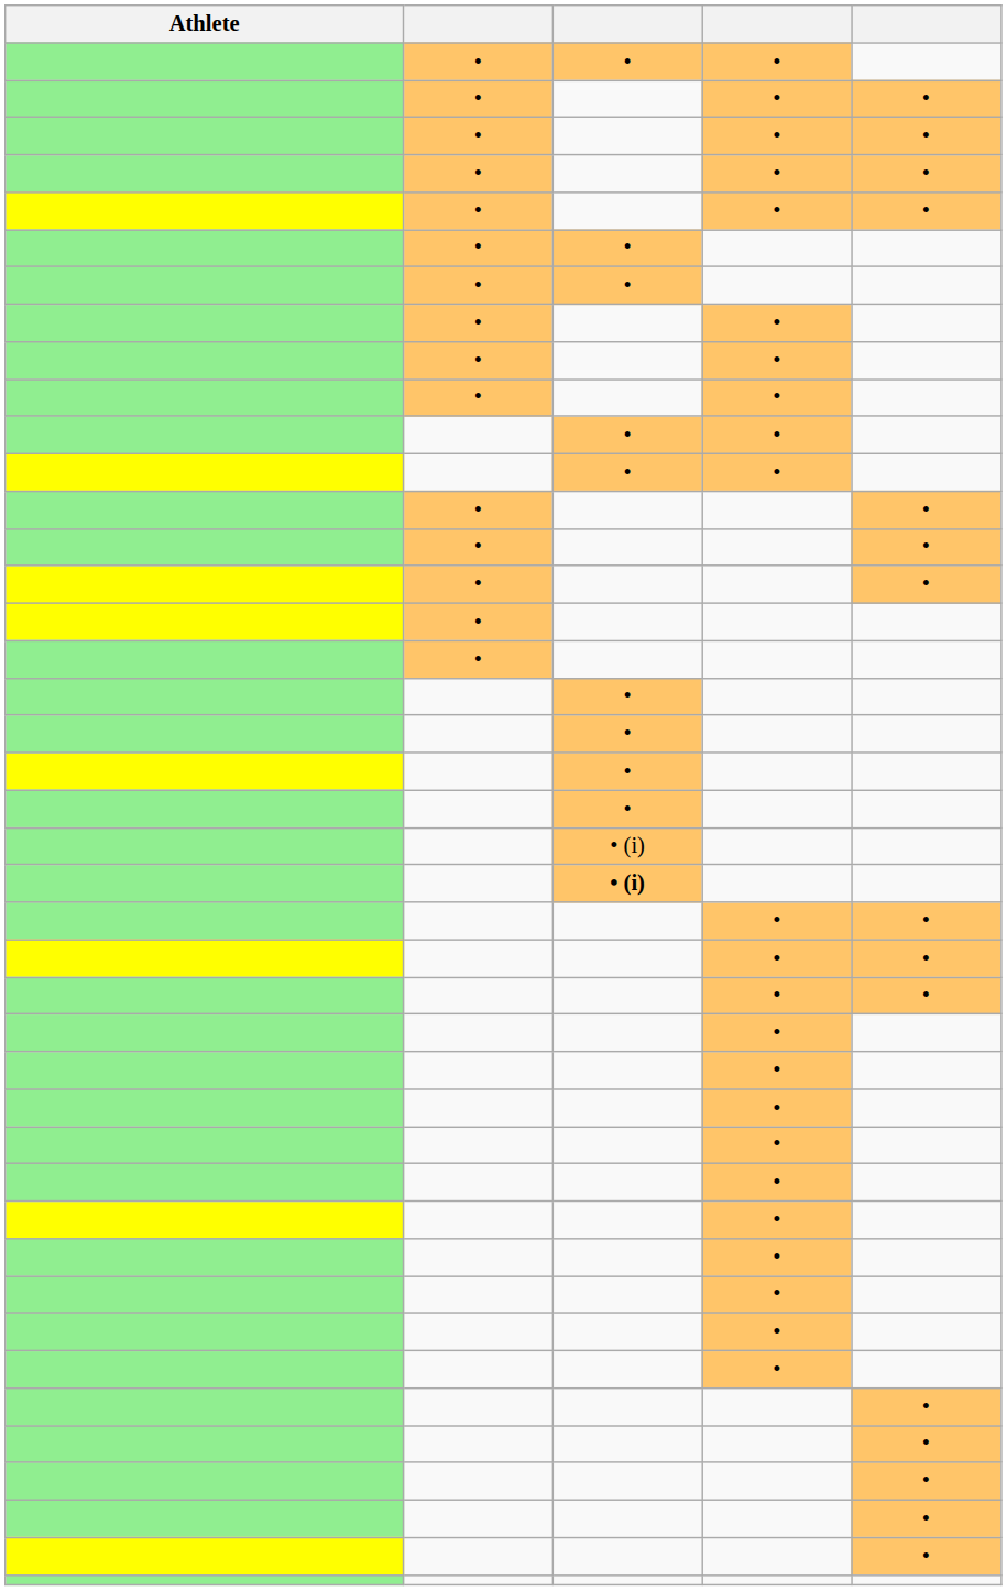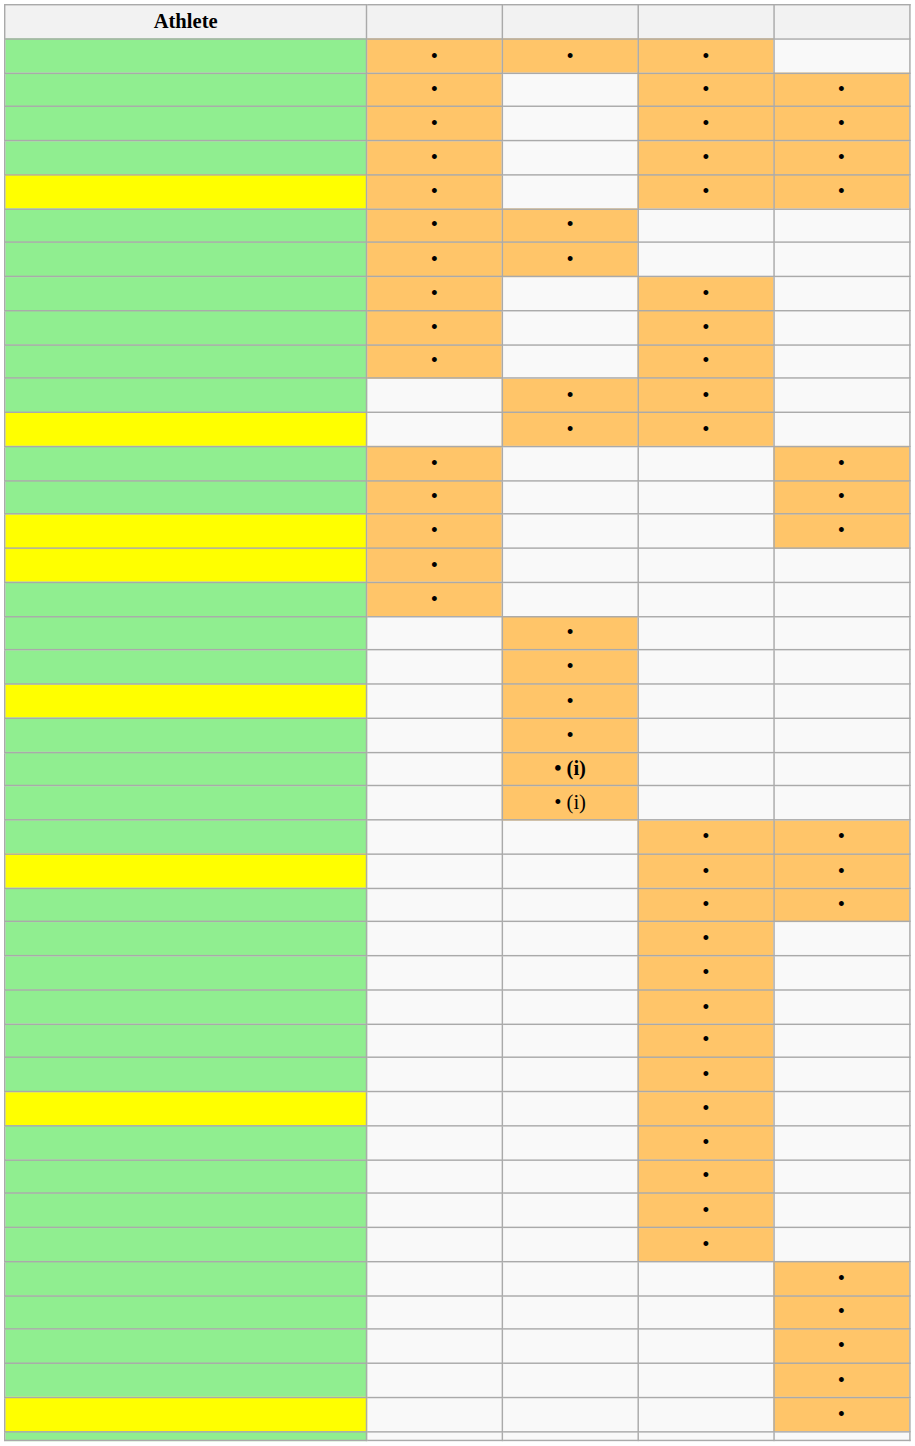 <table class="wikitable sortable" width=40% style="font-size:90%; text-align:center;">
 <tr>
 <th width=40%>Athlete</th>
 <th width=15%></th>
 <th width=15%></th>
 <th width=15%></th>
 <th width=15%></th>
 </tr>
 <tr>
 <td align=left bgcolor=lightgreen></td>
 <td bgcolor=FFC569>•</td>
 <td bgcolor=FFC569>•</td>
 <td bgcolor=FFC569>•</td>
 <td></td>
 </tr>
 <tr>
 <td align=left bgcolor=lightgreen></td>
 <td bgcolor=FFC569>•</td>
 <td></td>
 <td bgcolor=FFC569>•</td>
 <td bgcolor=FFC569>•</td>
 </tr>
 <tr>
 <td align=left bgcolor=lightgreen></td>
 <td bgcolor=FFC569>•</td>
 <td></td>
 <td bgcolor=FFC569>•</td>
 <td bgcolor=FFC569>•</td>
 </tr>
 <tr>
 <td align=left bgcolor=lightgreen></td>
 <td bgcolor=FFC569>•</td>
 <td></td>
 <td bgcolor=FFC569>•</td>
 <td bgcolor=FFC569>•</td>
 </tr>
 <tr>
 <td align=left bgcolor=yellow></td>
 <td bgcolor=FFC569>•</td>
 <td></td>
 <td bgcolor=FFC569>•</td>
 <td bgcolor=FFC569>•</td>
 </tr>
 <tr>
 <td align=left bgcolor=lightgreen></td>
 <td bgcolor=FFC569>•</td>
 <td bgcolor=FFC569>•</td>
 <td></td>
 <td></td>
 </tr>
 <tr>
 <td align=left bgcolor=lightgreen></td>
 <td bgcolor=FFC569>•</td>
 <td bgcolor=FFC569>•</td>
 <td></td>
 <td></td>
 </tr>
 <tr>
 <td align=left bgcolor=lightgreen></td>
 <td bgcolor=FFC569>•</td>
 <td></td>
 <td bgcolor=FFC569>•</td>
 <td></td>
 </tr>
 <tr>
 <td align=left bgcolor=lightgreen></td>
 <td bgcolor=FFC569>•</td>
 <td></td>
 <td bgcolor=FFC569>•</td>
 <td></td>
 </tr>
 <tr>
 <td align=left bgcolor=lightgreen></td>
 <td bgcolor=FFC569>•</td>
 <td></td>
 <td bgcolor=FFC569>•</td>
 <td></td>
 </tr>
 <tr>
 <td align=left bgcolor=lightgreen></td>
 <td></td>
 <td bgcolor=FFC569>•</td>
 <td bgcolor=FFC569>•</td>
 <td></td>
 </tr>
 <tr>
 <td align=left bgcolor=yellow></td>
 <td></td>
 <td bgcolor=FFC569>•</td>
 <td bgcolor=FFC569>•</td>
 <td></td>
 </tr>
 <tr>
 <td align=left bgcolor=lightgreen></td>
 <td bgcolor=FFC569>•</td>
 <td></td>
 <td></td>
 <td bgcolor=FFC569>•</td>
 </tr>
 <tr>
 <td align=left bgcolor=lightgreen></td>
 <td bgcolor=FFC569>•</td>
 <td></td>
 <td></td>
 <td bgcolor=FFC569>•</td>
 </tr>
 <tr>
 <td align=left bgcolor=yellow></td>
 <td bgcolor=FFC569>•</td>
 <td></td>
 <td></td>
 <td bgcolor=FFC569>•</td>
 </tr>
 <tr>
 <td align=left bgcolor=yellow></td>
 <td bgcolor=FFC569>•</td>
 <td></td>
 <td></td>
 <td></td>
 </tr>
 <tr>
 <td align=left bgcolor=lightgreen></td>
 <td bgcolor=FFC569>•</td>
 <td></td>
 <td></td>
 <td></td>
 </tr>
 <tr>
 <td align=left bgcolor=lightgreen></td>
 <td></td>
 <td bgcolor=FFC569>•</td>
 <td></td>
 <td></td>
 </tr>
 <tr>
 <td align=left bgcolor=lightgreen></td>
 <td></td>
 <td bgcolor=FFC569>•</td>
 <td></td>
 <td></td>
 </tr>
 <tr>
 <td align=left bgcolor=yellow></td>
 <td></td>
 <td bgcolor=FFC569>•</td>
 <td></td>
 <td></td>
 </tr>
 <tr>
 <td align=left bgcolor=lightgreen></td>
 <td></td>
 <td bgcolor=FFC569>•</td>
 <td></td>
 <td></td>
 </tr>
 <tr>
 <td align=left bgcolor=lightgreen></td>
 <td></td>
-<td bgcolor=FFC569>• (i)</td>
+<td bgcolor=FFC569><strong>• (i)</strong></td>
 <td></td>
 <td></td>
 </tr>
 <tr>
 <td align=left bgcolor=lightgreen></td>
 <td></td>
-<td bgcolor=FFC569><strong>• (i)</strong></td>
+<td bgcolor=FFC569>• (i)</td>
 <td></td>
 <td></td>
 </tr>
 <tr>
 <td align=left bgcolor=lightgreen></td>
 <td></td>
 <td></td>
 <td bgcolor=FFC569>•</td>
 <td bgcolor=FFC569>•</td>
 </tr>
 <tr>
 <td align=left bgcolor=yellow></td>
 <td></td>
 <td></td>
 <td bgcolor=FFC569>•</td>
 <td bgcolor=FFC569>•</td>
 </tr>
 <tr>
 <td align=left bgcolor=lightgreen></td>
 <td></td>
 <td></td>
 <td bgcolor=FFC569>•</td>
 <td bgcolor=FFC569>•</td>
 </tr>
 <tr>
 <td align=left bgcolor=lightgreen></td>
 <td></td>
 <td></td>
 <td bgcolor=FFC569>•</td>
 <td></td>
 </tr>
 <tr>
 <td align=left bgcolor=lightgreen></td>
 <td></td>
 <td></td>
 <td bgcolor=FFC569>•</td>
 <td></td>
 </tr>
 <tr>
 <td align=left bgcolor=lightgreen></td>
 <td></td>
 <td></td>
 <td bgcolor=FFC569>•</td>
 <td></td>
 </tr>
 <tr>
 <td align=left bgcolor=lightgreen></td>
 <td></td>
 <td></td>
 <td bgcolor=FFC569>•</td>
 <td></td>
 </tr>
 <tr>
 <td align=left bgcolor=lightgreen></td>
 <td></td>
 <td></td>
 <td bgcolor=FFC569>•</td>
 <td></td>
 </tr>
 <tr>
 <td align=left bgcolor=yellow></td>
 <td></td>
 <td></td>
 <td bgcolor=FFC569>•</td>
 <td></td>
 </tr>
 <tr>
 <td align=left bgcolor=lightgreen></td>
 <td></td>
 <td></td>
 <td bgcolor=FFC569>•</td>
 <td></td>
 </tr>
 <tr>
 <td align=left bgcolor=lightgreen></td>
 <td></td>
 <td></td>
 <td bgcolor=FFC569>•</td>
 <td></td>
 </tr>
 <tr>
 <td align=left bgcolor=lightgreen></td>
 <td></td>
 <td></td>
 <td bgcolor=FFC569>•</td>
 <td></td>
 </tr>
 <tr>
 <td align=left bgcolor=lightgreen></td>
 <td></td>
 <td></td>
 <td bgcolor=FFC569>•</td>
 <td></td>
 </tr>
 <tr>
 <td align=left bgcolor=lightgreen></td>
 <td></td>
 <td></td>
 <td></td>
 <td bgcolor=FFC569>•</td>
 </tr>
 <tr>
 <td align=left bgcolor=lightgreen></td>
 <td></td>
 <td></td>
 <td></td>
 <td bgcolor=FFC569>•</td>
 </tr>
 <tr>
 <td align=left bgcolor=lightgreen></td>
 <td></td>
 <td></td>
 <td></td>
 <td bgcolor=FFC569>•</td>
 </tr>
 <tr>
 <td align=left bgcolor=lightgreen></td>
 <td></td>
 <td></td>
 <td></td>
 <td bgcolor=FFC569>•</td>
 </tr>
 <tr>
 <td align=left bgcolor=yellow></td>
 <td></td>
 <td></td>
 <td></td>
 <td bgcolor=FFC569>•</td>
 </tr>
 <tr>
 <td align=left bgcolor=lightgreen></td>
 <td></td>
 <td></td>
 <td></td>
 <td></td>
 </tr>
 </table>
